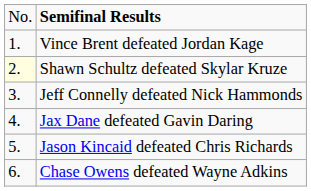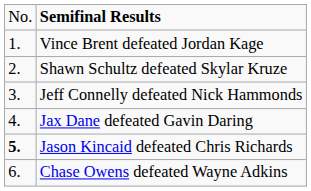 <table class="wikitable">
 <tr>
 <td>No.</td>
 <td><strong>Semifinal Results</strong></td>
 </tr>
 <tr>
 <td>1.</td>
 <td>Vince Brent defeated Jordan Kage</td>
 </tr>
 <tr>
-<td style="background: lightyellow;">2.</td>
+<td>2.</td>
 <td>Shawn Schultz defeated Skylar Kruze</td>
 </tr>
 <tr>
 <td>3.</td>
 <td>Jeff Connelly defeated Nick Hammonds</td>
 </tr>
 <tr>
 <td>4.</td>
 <td><a href='#'>Jax Dane</a> defeated Gavin Daring</td>
 </tr>
 <tr>
-<td>5.</td>
+<td><strong>5.</strong></td>
 <td><a href='#'>Jason Kincaid</a> defeated Chris Richards</td>
 </tr>
 <tr>
 <td>6.</td>
 <td><a href='#'>Chase Owens</a> defeated Wayne Adkins</td>
 </tr>
 </table>
